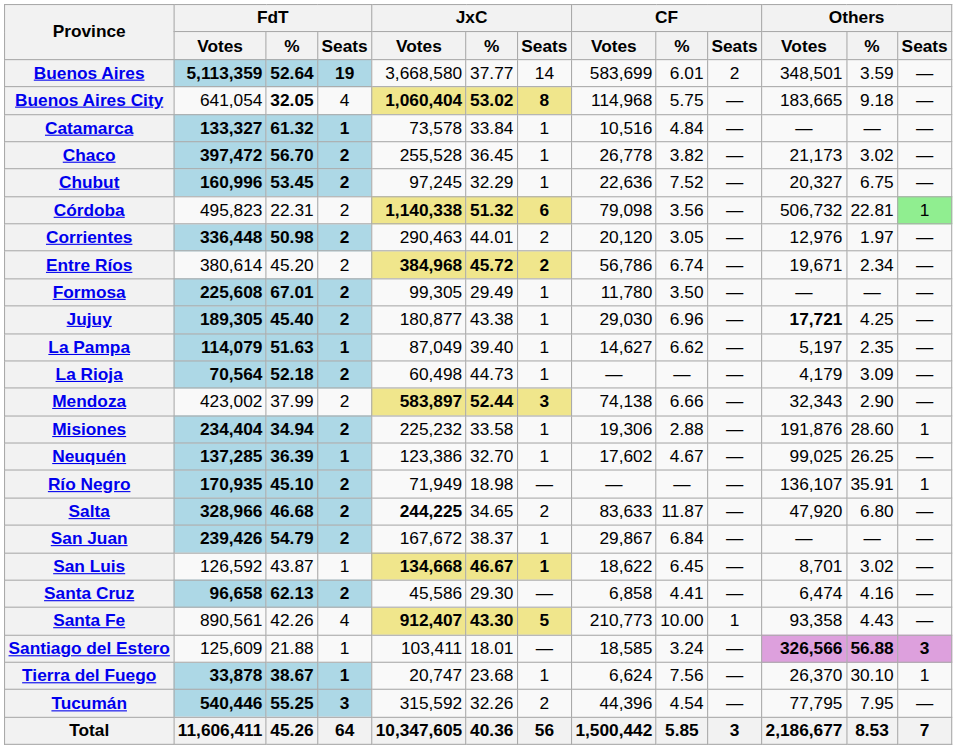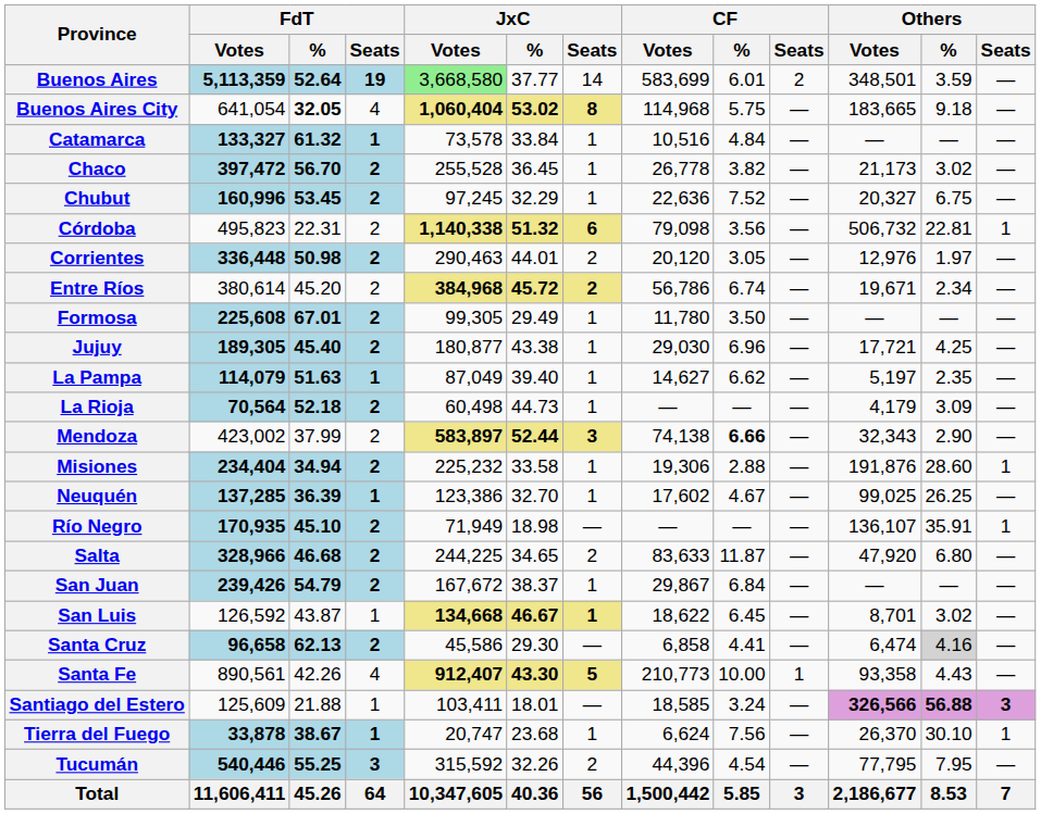 <table class="wikitable sortable plainrowheaders" style="text-align:right;">
 <tr>
 <th rowspan=2>Province</th>
 <th colspan=3>FdT</th>
 <th colspan=3>JxC</th>
 <th colspan=3>CF</th>
 <th colspan=3>Others</th>
 </tr>
 <tr>
 <th>Votes</th>
 <th>%</th>
 <th>Seats</th>
 <th>Votes</th>
 <th>%</th>
 <th>Seats</th>
 <th>Votes</th>
 <th>%</th>
 <th>Seats</th>
 <th>Votes</th>
 <th>%</th>
 <th>Seats</th>
 </tr>
 <tr>
 <th scope=row><a href='#'>Buenos Aires</a></th>
 <td bgcolor=lightblue><strong>5,113,359</strong></td>
 <td bgcolor=lightblue><strong>52.64</strong></td>
 <td bgcolor=lightblue align=center><strong>19</strong></td>
-<td>3,668,580</td>
+<td style="background: lightgreen;">3,668,580</td>
 <td>37.77</td>
 <td align=center>14</td>
 <td>583,699</td>
 <td>6.01</td>
 <td align=center>2</td>
 <td>348,501</td>
 <td>3.59</td>
 <td align=center>—</td>
 </tr>
 <tr>
 <th scope=row><a href='#'>Buenos Aires City</a></th>
 <td>641,054</td>
 <td><strong>32.05</strong></td>
 <td align=center>4</td>
 <td bgcolor=khaki><strong>1,060,404</strong></td>
 <td bgcolor=khaki><strong>53.02</strong></td>
 <td bgcolor=khaki align=center><strong>8</strong></td>
 <td>114,968</td>
 <td>5.75</td>
 <td align=center>—</td>
 <td>183,665</td>
 <td>9.18</td>
 <td align=center>—</td>
 </tr>
 <tr>
 <th scope=row><a href='#'>Catamarca</a></th>
 <td bgcolor=lightblue><strong>133,327</strong></td>
 <td bgcolor=lightblue><strong>61.32</strong></td>
 <td bgcolor=lightblue align=center><strong>1</strong></td>
 <td>73,578</td>
 <td>33.84</td>
 <td align=center>1</td>
 <td>10,516</td>
 <td>4.84</td>
 <td align=center>—</td>
 <td align=center>—</td>
 <td align=center>—</td>
 <td align=center>—</td>
 </tr>
 <tr>
 <th scope=row><a href='#'>Chaco</a></th>
 <td bgcolor=lightblue><strong>397,472</strong></td>
 <td bgcolor=lightblue><strong>56.70</strong></td>
 <td bgcolor=lightblue align=center><strong>2</strong></td>
 <td>255,528</td>
 <td>36.45</td>
 <td align=center>1</td>
 <td>26,778</td>
 <td>3.82</td>
 <td align=center>—</td>
 <td>21,173</td>
 <td>3.02</td>
 <td align=center>—</td>
 </tr>
 <tr>
 <th scope=row><a href='#'>Chubut</a></th>
 <td bgcolor=lightblue><strong>160,996</strong></td>
 <td bgcolor=lightblue><strong>53.45</strong></td>
 <td bgcolor=lightblue align=center><strong>2</strong></td>
 <td>97,245</td>
 <td>32.29</td>
 <td align=center>1</td>
 <td>22,636</td>
 <td>7.52</td>
 <td align=center>—</td>
 <td>20,327</td>
 <td>6.75</td>
 <td align=center>—</td>
 </tr>
 <tr>
 <th scope=row><a href='#'>Córdoba</a></th>
 <td>495,823</td>
 <td>22.31</td>
 <td align=center>2</td>
 <td bgcolor=khaki><strong>1,140,338</strong></td>
 <td bgcolor=khaki><strong>51.32</strong></td>
 <td bgcolor=khaki align=center><strong>6</strong></td>
 <td>79,098</td>
 <td>3.56</td>
 <td align=center>—</td>
 <td>506,732</td>
 <td>22.81</td>
-<td align=center style="background: lightgreen;">1</td>
+<td align=center>1</td>
 </tr>
 <tr>
 <th scope=row><a href='#'>Corrientes</a></th>
 <td bgcolor=lightblue><strong>336,448</strong></td>
 <td bgcolor=lightblue><strong>50.98</strong></td>
 <td bgcolor=lightblue align=center><strong>2</strong></td>
 <td>290,463</td>
 <td>44.01</td>
 <td align=center>2</td>
 <td>20,120</td>
 <td>3.05</td>
 <td align=center>—</td>
 <td>12,976</td>
 <td>1.97</td>
 <td align=center>—</td>
 </tr>
 <tr>
 <th scope=row><a href='#'>Entre Ríos</a></th>
 <td>380,614</td>
 <td>45.20</td>
 <td align=center>2</td>
 <td bgcolor=khaki><strong>384,968</strong></td>
 <td bgcolor=khaki><strong>45.72</strong></td>
 <td bgcolor=khaki align=center><strong>2</strong></td>
 <td>56,786</td>
 <td>6.74</td>
 <td align=center>—</td>
 <td>19,671</td>
 <td>2.34</td>
 <td align=center>—</td>
 </tr>
 <tr>
 <th scope=row><a href='#'>Formosa</a></th>
 <td bgcolor=lightblue><strong>225,608</strong></td>
 <td bgcolor=lightblue><strong>67.01</strong></td>
 <td bgcolor=lightblue align=center><strong>2</strong></td>
 <td>99,305</td>
 <td>29.49</td>
 <td align=center>1</td>
 <td>11,780</td>
 <td>3.50</td>
 <td align=center>—</td>
 <td align=center>—</td>
 <td align=center>—</td>
 <td align=center>—</td>
 </tr>
 <tr>
 <th scope=row><a href='#'>Jujuy</a></th>
 <td bgcolor=lightblue><strong>189,305</strong></td>
 <td bgcolor=lightblue><strong>45.40</strong></td>
 <td bgcolor=lightblue align=center><strong>2</strong></td>
 <td>180,877</td>
 <td>43.38</td>
 <td align=center>1</td>
 <td>29,030</td>
 <td>6.96</td>
 <td align=center>—</td>
-<td><strong>17,721</strong></td>
+<td>17,721</td>
 <td>4.25</td>
 <td align=center>—</td>
 </tr>
 <tr>
 <th scope=row><a href='#'>La Pampa</a></th>
 <td bgcolor=lightblue><strong>114,079</strong></td>
 <td bgcolor=lightblue><strong>51.63</strong></td>
 <td bgcolor=lightblue align=center><strong>1</strong></td>
 <td>87,049</td>
 <td>39.40</td>
 <td align=center>1</td>
 <td>14,627</td>
 <td>6.62</td>
 <td align=center>—</td>
 <td>5,197</td>
 <td>2.35</td>
 <td align=center>—</td>
 </tr>
 <tr>
 <th scope=row><a href='#'>La Rioja</a></th>
 <td bgcolor=lightblue><strong>70,564</strong></td>
 <td bgcolor=lightblue><strong>52.18</strong></td>
 <td bgcolor=lightblue align=center><strong>2</strong></td>
 <td>60,498</td>
 <td>44.73</td>
 <td align=center>1</td>
 <td align=center>—</td>
 <td align=center>—</td>
 <td align=center>—</td>
 <td>4,179</td>
 <td>3.09</td>
 <td align=center>—</td>
 </tr>
 <tr>
 <th scope=row><a href='#'>Mendoza</a></th>
 <td>423,002</td>
 <td>37.99</td>
 <td align=center>2</td>
 <td bgcolor=khaki><strong>583,897</strong></td>
 <td bgcolor=khaki><strong>52.44</strong></td>
 <td bgcolor=khaki align=center><strong>3</strong></td>
 <td>74,138</td>
-<td>6.66</td>
+<td><strong>6.66</strong></td>
 <td align=center>—</td>
 <td>32,343</td>
 <td>2.90</td>
 <td align=center>—</td>
 </tr>
 <tr>
 <th scope=row><a href='#'>Misiones</a></th>
 <td bgcolor=lightblue><strong>234,404</strong></td>
 <td bgcolor=lightblue><strong>34.94</strong></td>
 <td bgcolor=lightblue align=center><strong>2</strong></td>
 <td>225,232</td>
 <td>33.58</td>
 <td align=center>1</td>
 <td>19,306</td>
 <td>2.88</td>
 <td align=center>—</td>
 <td>191,876</td>
 <td>28.60</td>
 <td align=center>1</td>
 </tr>
 <tr>
 <th scope=row><a href='#'>Neuquén</a></th>
 <td bgcolor=lightblue><strong>137,285</strong></td>
 <td bgcolor=lightblue><strong>36.39</strong></td>
 <td bgcolor=lightblue align=center><strong>1</strong></td>
 <td>123,386</td>
 <td>32.70</td>
 <td align=center>1</td>
 <td>17,602</td>
 <td>4.67</td>
 <td align=center>—</td>
 <td>99,025</td>
 <td>26.25</td>
 <td align=center>—</td>
 </tr>
 <tr>
 <th scope=row><a href='#'>Río Negro</a></th>
 <td bgcolor=lightblue><strong>170,935</strong></td>
 <td bgcolor=lightblue><strong>45.10</strong></td>
 <td bgcolor=lightblue align=center><strong>2</strong></td>
 <td>71,949</td>
 <td>18.98</td>
 <td align=center>—</td>
 <td align=center>—</td>
 <td align=center>—</td>
 <td align=center>—</td>
 <td>136,107</td>
 <td>35.91</td>
 <td align=center>1</td>
 </tr>
 <tr>
 <th scope=row><a href='#'>Salta</a></th>
 <td bgcolor=lightblue><strong>328,966</strong></td>
 <td bgcolor=lightblue><strong>46.68</strong></td>
 <td bgcolor=lightblue align=center><strong>2</strong></td>
-<td><strong>244,225</strong></td>
+<td>244,225</td>
 <td>34.65</td>
 <td align=center>2</td>
 <td>83,633</td>
 <td>11.87</td>
 <td align=center>—</td>
 <td>47,920</td>
 <td>6.80</td>
 <td align=center>—</td>
 </tr>
 <tr>
 <th scope=row><a href='#'>San Juan</a></th>
 <td bgcolor=lightblue><strong>239,426</strong></td>
 <td bgcolor=lightblue><strong>54.79</strong></td>
 <td bgcolor=lightblue align=center><strong>2</strong></td>
 <td>167,672</td>
 <td>38.37</td>
 <td align=center>1</td>
 <td>29,867</td>
 <td>6.84</td>
 <td align=center>—</td>
 <td align=center>—</td>
 <td align=center>—</td>
 <td align=center>—</td>
 </tr>
 <tr>
 <th scope=row><a href='#'>San Luis</a></th>
 <td>126,592</td>
 <td>43.87</td>
 <td align=center>1</td>
 <td bgcolor=khaki><strong>134,668</strong></td>
 <td bgcolor=khaki><strong>46.67</strong></td>
 <td bgcolor=khaki align=center><strong>1</strong></td>
 <td>18,622</td>
 <td>6.45</td>
 <td align=center>—</td>
 <td>8,701</td>
 <td>3.02</td>
 <td align=center>—</td>
 </tr>
 <tr>
 <th scope=row><a href='#'>Santa Cruz</a></th>
 <td bgcolor=lightblue><strong>96,658</strong></td>
 <td bgcolor=lightblue><strong>62.13</strong></td>
 <td bgcolor=lightblue align=center><strong>2</strong></td>
 <td>45,586</td>
 <td>29.30</td>
 <td align=center>—</td>
 <td>6,858</td>
 <td>4.41</td>
 <td align=center>—</td>
 <td>6,474</td>
-<td>4.16</td>
+<td style="background: lightgrey;">4.16</td>
 <td align=center>—</td>
 </tr>
 <tr>
 <th scope=row><a href='#'>Santa Fe</a></th>
 <td>890,561</td>
 <td>42.26</td>
 <td align=center>4</td>
 <td bgcolor=khaki><strong>912,407</strong></td>
 <td bgcolor=khaki><strong>43.30</strong></td>
 <td bgcolor=khaki align=center><strong>5</strong></td>
 <td>210,773</td>
 <td>10.00</td>
 <td align=center>1</td>
 <td>93,358</td>
 <td>4.43</td>
 <td align=center>—</td>
 </tr>
 <tr>
 <th scope=row><a href='#'>Santiago del Estero</a></th>
 <td>125,609</td>
 <td>21.88</td>
 <td align=center>1</td>
 <td>103,411</td>
 <td>18.01</td>
 <td align=center>—</td>
 <td>18,585</td>
 <td>3.24</td>
 <td align=center>—</td>
 <td bgcolor=Plum><strong>326,566</strong></td>
 <td bgcolor=Plum><strong>56.88</strong></td>
 <td bgcolor=Plum align=center><strong>3</strong></td>
 </tr>
 <tr>
 <th scope=row><a href='#'>Tierra del Fuego</a></th>
 <td bgcolor=lightblue><strong>33,878</strong></td>
 <td bgcolor=lightblue><strong>38.67</strong></td>
 <td bgcolor=lightblue align=center><strong>1</strong></td>
 <td>20,747</td>
 <td>23.68</td>
 <td align=center>1</td>
 <td>6,624</td>
 <td>7.56</td>
 <td align=center>—</td>
 <td>26,370</td>
 <td>30.10</td>
 <td align=center>1</td>
 </tr>
 <tr>
 <th scope=row><a href='#'>Tucumán</a></th>
 <td bgcolor=lightblue><strong>540,446</strong></td>
 <td bgcolor=lightblue><strong>55.25</strong></td>
 <td bgcolor=lightblue align=center><strong>3</strong></td>
 <td>315,592</td>
 <td>32.26</td>
 <td align=center>2</td>
 <td>44,396</td>
 <td>4.54</td>
 <td align=center>—</td>
 <td>77,795</td>
 <td>7.95</td>
 <td align=center>—</td>
 </tr>
 <tr>
 <th>Total</th>
 <th>11,606,411</th>
 <th>45.26</th>
 <th>64</th>
 <th>10,347,605</th>
 <th>40.36</th>
 <th>56</th>
 <th>1,500,442</th>
 <th>5.85</th>
 <th>3</th>
 <th>2,186,677</th>
 <th>8.53</th>
 <th>7</th>
 </tr>
 </table>
